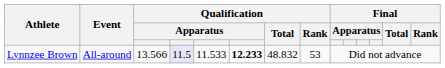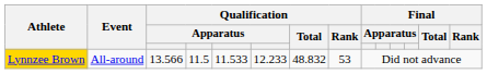 <table class="wikitable" style="font-size:90%">
 <tr>
 <th rowspan=3>Athlete</th>
 <th rowspan=3>Event</th>
 <th colspan=6>Qualification</th>
 <th colspan=6>Final</th>
 </tr>
 <tr style=font-size:95%>
 <th colspan=4>Apparatus</th>
 <th rowspan=2>Total</th>
 <th rowspan=2>Rank</th>
 <th colspan=4>Apparatus</th>
 <th rowspan=2>Total</th>
 <th rowspan=2>Rank</th>
 </tr>
 <tr style=font-size:95%>
 <th></th>
 <th></th>
 <th></th>
 <th></th>
 <th></th>
 <th></th>
 <th></th>
 <th></th>
 </tr>
 <tr align=center>
-<td align=left><a href='#'>Lynnzee Brown</a></td>
+<td align=left style="background: gold;"><a href='#'>Lynnzee Brown</a></td>
 <td align=left><a href='#'>All-around</a></td>
 <td>13.566</td>
-<td style="background: lavender;">11.5</td>
+<td>11.5</td>
 <td>11.533</td>
-<td><strong>12.233</strong></td>
+<td>12.233</td>
 <td>48.832</td>
 <td>53</td>
 <td colspan="6">Did not advance</td>
 </tr>
 </table>
